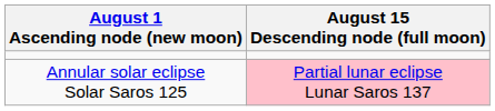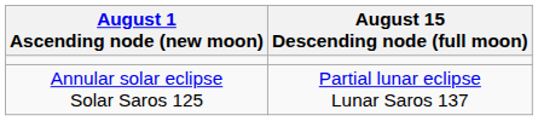 <table class="wikitable">
 <tr>
 <th><a href='#'>August 1</a><br>Ascending node (new moon)</th>
 <th>August 15<br>Descending node (full moon)</th>
 </tr>
 <tr>
 <td></td>
 <td></td>
 </tr>
 <tr align=center>
 <td><a href='#'>Annular solar eclipse</a><br>Solar Saros 125</td>
-<td style="background: pink;"><a href='#'>Partial lunar eclipse</a><br>Lunar Saros 137</td>
+<td><a href='#'>Partial lunar eclipse</a><br>Lunar Saros 137</td>
 </tr>
 </table>
